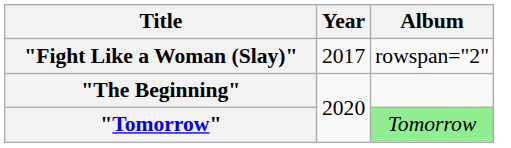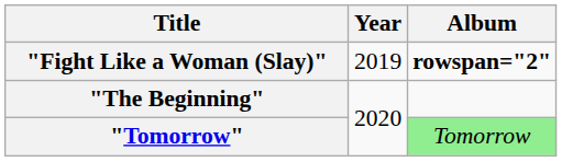 <table class="wikitable plainrowheaders" style="text-align:center;">
 <tr>
 <th scope="col" style="width:14em;">Title</th>
 <th scope="col" style="width:1em;">Year</th>
 <th scope="col">Album</th>
 </tr>
 <tr>
 <th scope="row">"Fight Like a Woman (Slay)"</th>
-<td>2017</td>
-<td>rowspan="2" </td>
+<td>2019</td>
+<td><strong>rowspan="2" </strong></td>
 </tr>
 <tr>
 <th scope="row">"The Beginning"</th>
 <td rowspan="2">2020</td>
 </tr>
 <tr>
 <th scope="row">"<a href='#'>Tomorrow</a>"</th>
 <td style="background: lightgreen;"><em>Tomorrow</em></td>
 </tr>
 </table>
